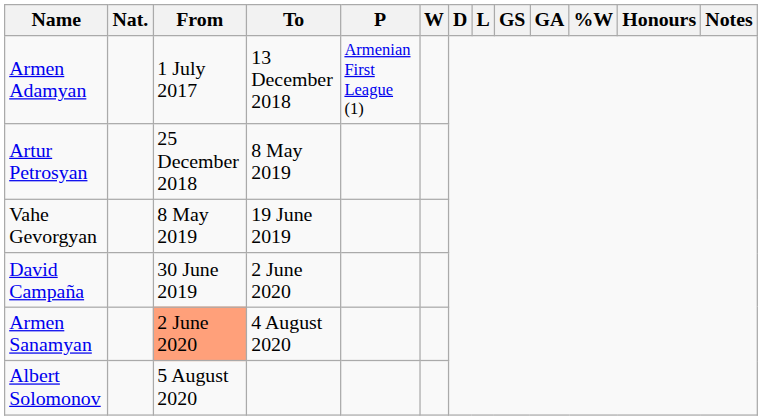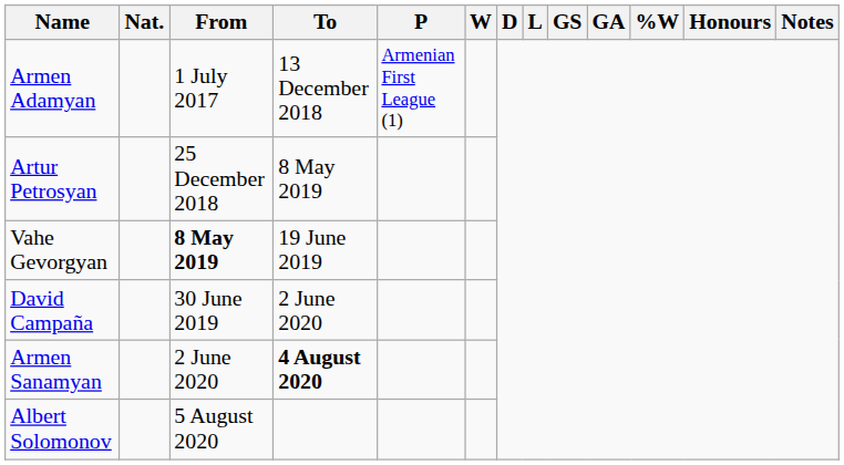 <table class="wikitable sortable" style="text-align: center">
 <tr>
 <th>Name</th>
 <th>Nat.</th>
 <th class="unsortable">From</th>
 <th class="unsortable">To</th>
 <th abbr="TOTAL OF MATCHES PLAYED">P</th>
 <th abbr="MATCHES WON">W</th>
 <th abbr="MATCHES DRAWN">D</th>
 <th abbr="MATCHES LOST">L</th>
 <th abbr="GOALS SCORED">GS</th>
 <th abbr="GOAL AGAINST">GA</th>
 <th abbr="PERCENTAGE OF MATCHES WON">%W</th>
 <th abbr="HONOURS">Honours</th>
 <th abbr="NOTES">Notes</th>
 </tr>
 <tr>
 <td align=left><a href='#'>Armen Adamyan</a></td>
 <td align=left></td>
 <td align=left>1 July 2017</td>
 <td align=left>13 December 2018<br></td>
 <td style="text-align:left;font-size:smaller"><a href='#'>Armenian First League</a> (1)</td>
 <td></td>
 </tr>
 <tr>
 <td align=left><a href='#'>Artur Petrosyan</a></td>
 <td align=left></td>
 <td align=left>25 December 2018</td>
 <td align=left>8 May 2019<br></td>
 <td style="text-align:left;font-size:smaller"></td>
 <td></td>
 </tr>
 <tr>
 <td align=left>Vahe Gevorgyan</td>
 <td align=left></td>
-<td align=left>8 May 2019</td>
+<td align=left><strong>8 May 2019</strong></td>
 <td align=left>19 June 2019<br></td>
 <td style="text-align:left;font-size:smaller"></td>
 <td></td>
 </tr>
 <tr>
 <td align=left><a href='#'>David Campaña</a></td>
 <td align=left></td>
 <td align=left>30 June 2019</td>
 <td align=left>2 June 2020<br></td>
 <td style="text-align:left;font-size:smaller"></td>
 <td></td>
 </tr>
 <tr>
 <td align=left><a href='#'>Armen Sanamyan</a> </td>
 <td align=left></td>
-<td align=left style="background: lightsalmon;">2 June 2020</td>
-<td align=left>4 August 2020<br></td>
+<td align=left>2 June 2020</td>
+<td align=left><strong>4 August 2020<br></strong></td>
 <td style="text-align:left;font-size:smaller"></td>
 <td></td>
 </tr>
 <tr>
 <td align=left><a href='#'>Albert Solomonov</a></td>
 <td align=left></td>
 <td align=left>5 August 2020</td>
 <td align=left><br></td>
 <td style="text-align:left;font-size:smaller"></td>
 <td></td>
 </tr>
 </table>
